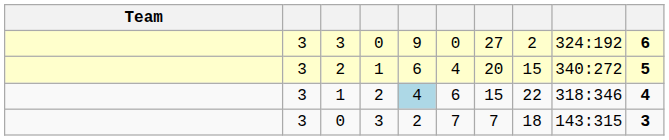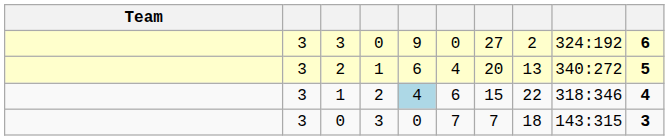 <table class="wikitable" style="text-align:center;">
 <tr>
 <th width=220>Team</th>
 <th width=25></th>
 <th width=25></th>
 <th width=25></th>
 <th width=25></th>
 <th width=25></th>
 <th width=25></th>
 <th width=25></th>
 <th width=25></th>
 <th width=25></th>
 </tr>
 <tr style="background:#ffffcc;">
 <td style="text-align:left;"></td>
 <td>3</td>
 <td>3</td>
 <td>0</td>
 <td>9</td>
 <td>0</td>
 <td>27</td>
 <td>2</td>
 <td>324:192</td>
 <td><strong>6</strong></td>
 </tr>
 <tr style="background:#ffffcc;">
 <td style="text-align:left;"></td>
 <td>3</td>
 <td>2</td>
 <td>1</td>
 <td>6</td>
 <td>4</td>
 <td>20</td>
-<td>15</td>
+<td>13</td>
 <td>340:272</td>
 <td><strong>5</strong></td>
 </tr>
 <tr>
 <td style="text-align:left;"></td>
 <td>3</td>
 <td>1</td>
 <td>2</td>
 <td style="background: lightblue;">4</td>
 <td>6</td>
 <td>15</td>
 <td>22</td>
 <td>318:346</td>
 <td><strong>4</strong></td>
 </tr>
 <tr>
 <td style="text-align:left;"></td>
 <td>3</td>
 <td>0</td>
 <td>3</td>
-<td>2</td>
+<td>0</td>
 <td>7</td>
 <td>7</td>
 <td>18</td>
 <td>143:315</td>
 <td><strong>3</strong></td>
 </tr>
 </table>
